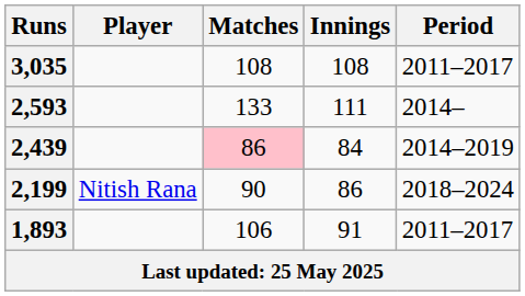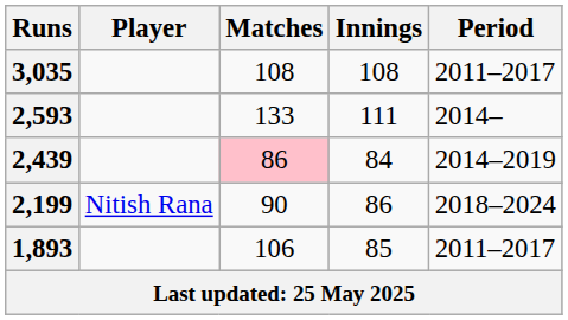 <table class="wikitable" style="text-align:left;font-size:96%;">
 <tr>
 <th><strong>Runs</strong></th>
 <th><strong>Player</strong></th>
 <th><strong>Matches</strong></th>
 <th><strong>Innings</strong></th>
 <th><strong>Period</strong></th>
 </tr>
 <tr>
 <th scope=row style=text-align:center;>3,035</th>
 <td></td>
 <td align=center>108</td>
 <td align=center>108</td>
 <td>2011–2017</td>
 </tr>
 <tr>
 <th scope="row" style="text-align:center;">2,593</th>
 <td></td>
 <td align="center">133</td>
 <td align="center">111</td>
 <td>2014–</td>
 </tr>
 <tr>
 <th scope=row style=text-align:center;>2,439</th>
 <td></td>
 <td align=center style="background: pink;">86</td>
 <td align=center>84</td>
 <td>2014–2019</td>
 </tr>
 <tr>
 <th scope=row style=text-align:center;>2,199</th>
 <td><a href='#'>Nitish Rana</a></td>
 <td align="center">90</td>
 <td align="center">86</td>
 <td>2018–2024</td>
 </tr>
 <tr>
 <th scope="row" style="text-align:center;">1,893</th>
 <td></td>
 <td align="center">106</td>
-<td align="center">91</td>
+<td align="center">85</td>
 <td>2011–2017</td>
 </tr>
 <tr class=sortbottom>
 <th colspan=6><small>Last updated: 25 May 2025</small></th>
 </tr>
 </table>
